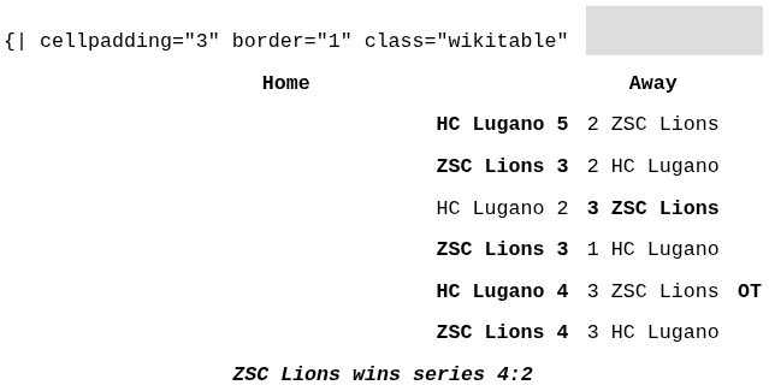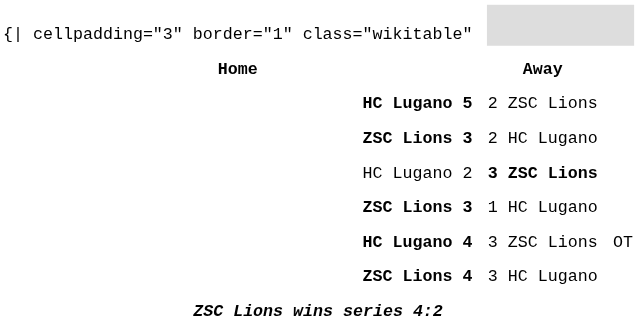 <table cellspacing="10">
 <tr>
 <td valign="top"><br>	{| cellpadding="3" border="1"  class="wikitable"</td>
 <th bgcolor="#DDDDDD" colspan="4"></th>
 </tr>
 <tr>
 <th>Home</th>
 <th>Away</th>
 </tr>
 <tr>
 <td align = "right"><strong>HC Lugano 5</strong></td>
 <td>2 ZSC Lions</td>
 <td></td>
 </tr>
 <tr>
 <td align = "right"><strong>ZSC Lions 3</strong></td>
 <td>2 HC Lugano</td>
 <td> </td>
 </tr>
 <tr>
 <td align = "right">HC Lugano 2</td>
 <td><strong>3 ZSC Lions</strong></td>
 <td></td>
 </tr>
 <tr>
 <td align = "right"><strong>ZSC Lions 3</strong></td>
 <td>1 HC Lugano</td>
 <td> </td>
 </tr>
 <tr>
 <td align = "right"><strong>HC Lugano 4</strong></td>
 <td>3 ZSC Lions</td>
-<td><strong>OT</strong></td>
+<td>OT</td>
 </tr>
 <tr>
 <td align = "right"><strong>ZSC Lions 4</strong></td>
 <td>3 HC Lugano</td>
 <td> </td>
 </tr>
 <tr align="center">
 <td colspan="4"><strong><em>ZSC Lions wins series 4:2</em></strong></td>
 </tr>
 </table>
